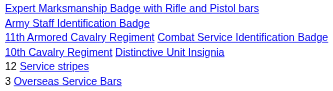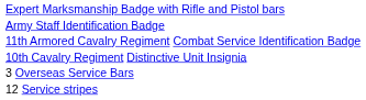 <table>
 <tr>
 <td> <a href='#'>Expert Marksmanship Badge with Rifle and Pistol bars</a></td>
 </tr>
 <tr>
 <td> <a href='#'>Army Staff Identification Badge</a></td>
 </tr>
 <tr>
 <td> <a href='#'>11th Armored Cavalry Regiment</a> <a href='#'>Combat Service Identification Badge</a></td>
 </tr>
 <tr>
 <td> <a href='#'>10th Cavalry Regiment</a> <a href='#'>Distinctive Unit Insignia</a></td>
 </tr>
 <tr>
+<td> 3 <a href='#'>Overseas Service Bars</a></td>
+</tr>
+<tr>
 <td> 12 <a href='#'>Service stripes</a></td>
 </tr>
-<tr>
-<td> 3 <a href='#'>Overseas Service Bars</a></td>
-</tr>
 </table>
